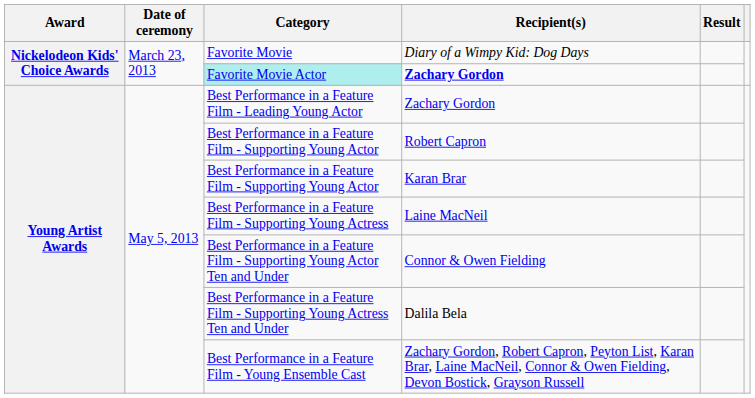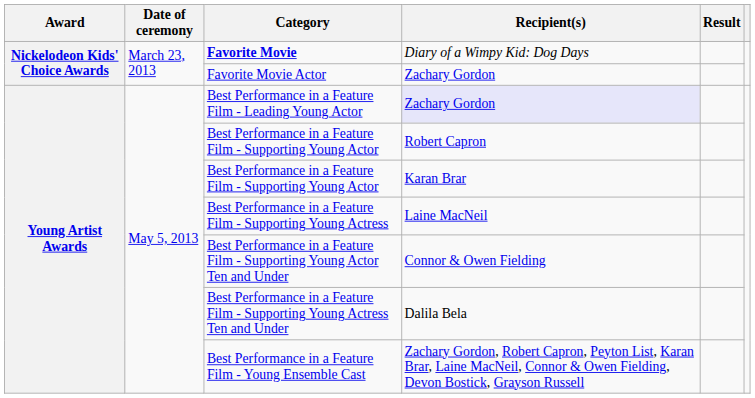 <table class="wikitable sortable plainrowheaders">
 <tr>
 <th scope="col">Award</th>
 <th scope="col">Date of ceremony</th>
 <th scope="col">Category</th>
 <th scope="col">Recipient(s)</th>
 <th scope="col">Result</th>
 <th scope="col" class="unsortable"></th>
 </tr>
 <tr>
 <th scope="row" rowspan=2 style="text-align: center;"><a href='#'>Nickelodeon Kids' Choice Awards</a></th>
 <td rowspan=2><a href='#'>March 23, 2013</a></td>
-<td><a href='#'>Favorite Movie</a></td>
+<td><strong><a href='#'>Favorite Movie</a></strong></td>
 <td><em>Diary of a Wimpy Kid: Dog Days</em></td>
 <td></td>
 <td rowspan=2 style="text-align: center;"></td>
 </tr>
 <tr>
-<td style="background: paleturquoise;"><a href='#'>Favorite Movie Actor</a></td>
-<td><strong><a href='#'>Zachary Gordon</a></strong></td>
+<td><a href='#'>Favorite Movie Actor</a></td>
+<td><a href='#'>Zachary Gordon</a></td>
 <td></td>
 </tr>
 <tr>
 <th scope="row" rowspan=7 style="text-align: center;"><a href='#'>Young Artist Awards</a></th>
 <td rowspan=7><a href='#'>May 5, 2013</a></td>
 <td><a href='#'>Best Performance in a Feature Film - Leading Young Actor</a></td>
-<td><a href='#'>Zachary Gordon</a></td>
+<td style="background: lavender;"><a href='#'>Zachary Gordon</a></td>
 <td></td>
 <td rowspan=7 style="text-align: center;"></td>
 </tr>
 <tr>
 <td><a href='#'>Best Performance in a Feature Film - Supporting Young Actor</a></td>
 <td><a href='#'>Robert Capron</a></td>
 <td></td>
 </tr>
 <tr>
 <td><a href='#'>Best Performance in a Feature Film - Supporting Young Actor</a></td>
 <td><a href='#'>Karan Brar</a></td>
 <td></td>
 </tr>
 <tr>
 <td><a href='#'>Best Performance in a Feature Film - Supporting Young Actress</a></td>
 <td><a href='#'>Laine MacNeil</a></td>
 <td></td>
 </tr>
 <tr>
 <td><a href='#'>Best Performance in a Feature Film - Supporting Young Actor Ten and Under</a></td>
 <td><a href='#'>Connor & Owen Fielding</a></td>
 <td></td>
 </tr>
 <tr>
 <td><a href='#'>Best Performance in a Feature Film - Supporting Young Actress Ten and Under</a></td>
 <td>Dalila Bela</td>
 <td></td>
 </tr>
 <tr>
 <td><a href='#'>Best Performance in a Feature Film - Young Ensemble Cast</a></td>
 <td><a href='#'>Zachary Gordon</a>, <a href='#'>Robert Capron</a>, <a href='#'>Peyton List</a>, <a href='#'>Karan Brar</a>, <a href='#'>Laine MacNeil</a>, <a href='#'>Connor & Owen Fielding</a>, <a href='#'>Devon Bostick</a>, <a href='#'>Grayson Russell</a></td>
 <td></td>
 </tr>
 </table>
